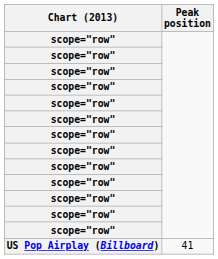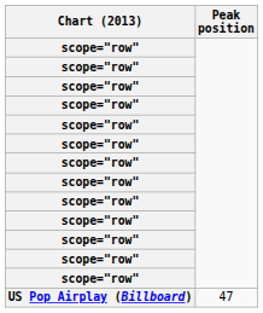 <table class="wikitable sortable plainrowheaders" style="text-align:center">
 <tr>
 <th>Chart (2013)</th>
 <th>Peak<br>position</th>
 </tr>
 <tr>
 <th>scope="row" </th>
 </tr>
 <tr>
 <th>scope="row" </th>
 </tr>
 <tr>
 <th>scope="row" </th>
 </tr>
 <tr>
 <th>scope="row" </th>
 </tr>
 <tr>
 <th>scope="row" </th>
 </tr>
 <tr>
 <th>scope="row" </th>
 </tr>
 <tr>
 <th>scope="row" </th>
 </tr>
 <tr>
 <th>scope="row" </th>
 </tr>
 <tr>
 <th>scope="row" </th>
 </tr>
 <tr>
 <th>scope="row" </th>
 </tr>
 <tr>
 <th>scope="row" </th>
 </tr>
 <tr>
 <th>scope="row" </th>
 </tr>
 <tr>
 <th>scope="row" </th>
 </tr>
 <tr>
 <th scope="row">US <a href='#'>Pop Airplay</a> (<em><a href='#'>Billboard</a></em>)</th>
-<td>41</td>
+<td>47</td>
 </tr>
 </table>
